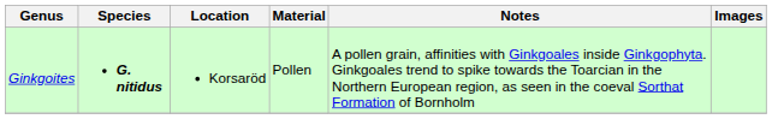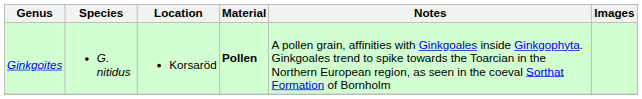 <table class="wikitable sortable">
 <tr>
 <th>Genus</th>
 <th>Species</th>
 <th>Location</th>
 <th>Material</th>
 <th>Notes</th>
 <th>Images</th>
 </tr>
 <tr>
 <td style="background:#D1FFCF;"><br><em><a href='#'>Ginkgoites</a></em></td>
-<td style="background:#D1FFCF;"><strong><br><ul><li><em>G. nitidus</em></li></ul></strong></td>
+<td style="background:#D1FFCF;"><br><ul><li><em>G. nitidus</em></li></ul></td>
 <td style="background:#D1FFCF;"><br><ul><li>Korsaröd</li></ul></td>
-<td style="background:#D1FFCF;">Pollen</td>
+<td style="background:#D1FFCF;"><strong>Pollen</strong></td>
 <td style="background:#D1FFCF;"><br>A pollen grain, affinities with <a href='#'>Ginkgoales</a> inside <a href='#'>Ginkgophyta</a>. Ginkgoales trend to spike towards the Toarcian in the Northern European region, as seen in the coeval <a href='#'>Sorthat Formation</a> of Bornholm</td>
 <td style="background:#D1FFCF;"><br></td>
 </tr>
 <tr>
 </tr>
 </table>
